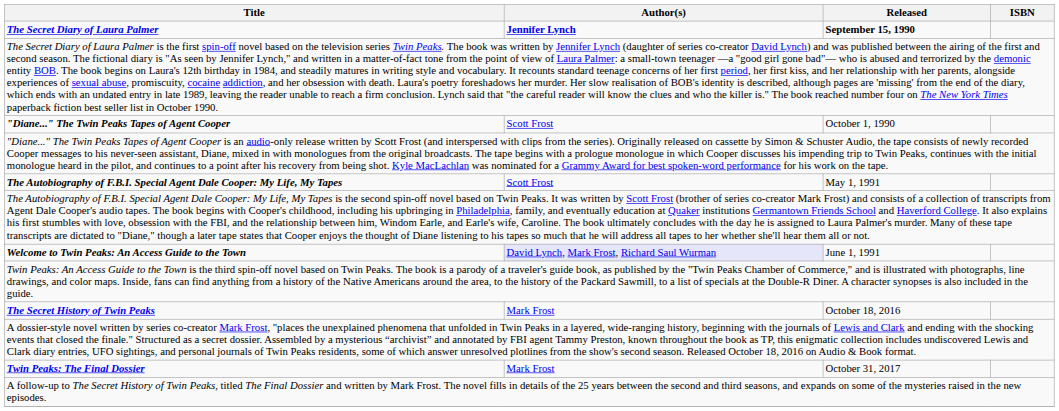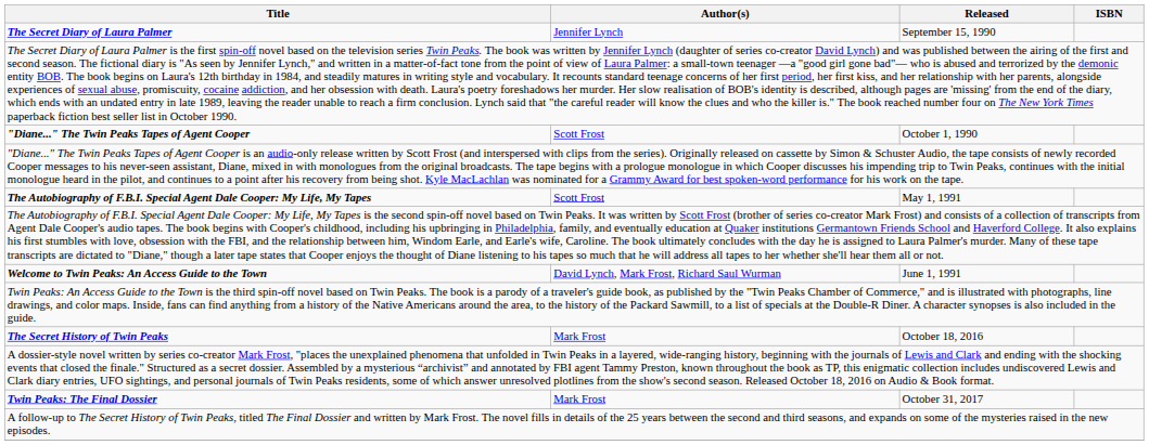 <table class="wikitable"  border="1">
 <tr>
 <th>Title</th>
 <th>Author(s)</th>
 <th>Released</th>
 <th>ISBN</th>
 </tr>
 <tr>
 <td><strong><em><a href='#'>The Secret Diary of Laura Palmer</a></em></strong></td>
-<td><strong><a href='#'>Jennifer Lynch</a></strong></td>
-<td><strong>September 15, 1990</strong></td>
+<td><a href='#'>Jennifer Lynch</a></td>
+<td>September 15, 1990</td>
 <td></td>
 </tr>
 <tr>
 <td colspan="4"><em>The Secret Diary of Laura Palmer</em> is the first <a href='#'>spin-off</a> novel based on the television series <em><a href='#'>Twin Peaks</a>.</em> The book was written by <a href='#'>Jennifer Lynch</a> (daughter of series co-creator <a href='#'>David Lynch</a>) and was published between the airing of the first and second season. The fictional diary is "As seen by Jennifer Lynch," and written in a matter-of-fact tone from the point of view of <a href='#'>Laura Palmer</a>: a small-town teenager —a "good girl gone bad"— who is abused and terrorized by the <a href='#'>demonic</a> entity <a href='#'>BOB</a>. The book begins on Laura's 12th birthday in 1984, and steadily matures in writing style and vocabulary. It recounts standard teenage concerns of her first <a href='#'>period</a>, her first kiss, and her relationship with her parents, alongside experiences of <a href='#'>sexual abuse</a>, promiscuity, <a href='#'>cocaine</a> <a href='#'>addiction</a>, and her obsession with death. Laura's poetry foreshadows her murder. Her slow realisation of BOB's identity is described, although pages are 'missing' from the end of the diary, which ends with an undated entry in late 1989, leaving the reader unable to reach a firm conclusion. Lynch said that "the careful reader will know the clues and who the killer is." The book reached number four on <em><a href='#'>The New York Times</a></em> paperback fiction best seller list in October 1990.</td>
 </tr>
 <tr>
 <td><strong><em>"Diane..." The Twin Peaks Tapes of Agent Cooper</em></strong></td>
 <td><a href='#'>Scott Frost</a></td>
 <td>October 1, 1990</td>
 <td></td>
 </tr>
 <tr>
 <td colspan="4"><em>"Diane..." The Twin Peaks Tapes of Agent Cooper</em> is an <a href='#'>audio</a>-only release written by Scott Frost (and interspersed with clips from the series). Originally released on cassette by Simon & Schuster Audio, the tape consists of newly recorded Cooper messages to his never-seen assistant, Diane, mixed in with monologues from the original broadcasts. The tape begins with a prologue monologue in which Cooper discusses his impending trip to Twin Peaks, continues with the initial monologue heard in the pilot, and continues to a point after his recovery from being shot. <a href='#'>Kyle MacLachlan</a> was nominated for a <a href='#'>Grammy Award for best spoken-word performance</a> for his work on the tape.</td>
 </tr>
 <tr>
 <td><strong><em>The Autobiography of F.B.I. Special Agent Dale Cooper: My Life, My Tapes</em></strong></td>
 <td><a href='#'>Scott Frost</a></td>
 <td>May 1, 1991</td>
 <td></td>
 </tr>
 <tr>
 <td colspan="4"><em>The Autobiography of F.B.I. Special Agent Dale Cooper: My Life, My Tapes</em> is the second spin-off novel based on Twin Peaks. It was written by <a href='#'>Scott Frost</a> (brother of series co-creator Mark Frost) and consists of a collection of transcripts from Agent Dale Cooper's audio tapes. The book begins with Cooper's childhood, including his upbringing in <a href='#'>Philadelphia</a>, family, and eventually education at <a href='#'>Quaker</a> institutions <a href='#'>Germantown Friends School</a> and <a href='#'>Haverford College</a>. It also explains his first stumbles with love, obsession with the FBI, and the relationship between him, Windom Earle, and Earle's wife, Caroline. The book ultimately concludes with the day he is assigned to Laura Palmer's murder. Many of these tape transcripts are dictated to "Diane," though a later tape states that Cooper enjoys the thought of Diane listening to his tapes so much that he will address all tapes to her whether she'll hear them all or not.</td>
 </tr>
 <tr>
 <td><strong><em>Welcome to Twin Peaks: An Access Guide to the Town</em></strong></td>
-<td style="background: lavender;"><a href='#'>David Lynch</a>, <a href='#'>Mark Frost</a>, <a href='#'>Richard Saul Wurman</a></td>
+<td><a href='#'>David Lynch</a>, <a href='#'>Mark Frost</a>, <a href='#'>Richard Saul Wurman</a></td>
 <td>June 1, 1991</td>
 <td></td>
 </tr>
 <tr>
 <td colspan="4"><em>Twin Peaks: An Access Guide to the Town</em> is the third spin-off novel based on Twin Peaks. The book is a parody of a traveler's guide book, as published by the "Twin Peaks Chamber of Commerce," and is illustrated with photographs, line drawings, and color maps. Inside, fans can find anything from a history of the Native Americans around the area, to the history of the Packard Sawmill, to a list of specials at the Double-R Diner. A character synopses is also included in the guide.</td>
 </tr>
 <tr>
 <td><strong><em><a href='#'>The Secret History of Twin Peaks</a></em></strong></td>
 <td><a href='#'>Mark Frost</a></td>
 <td>October 18, 2016</td>
 <td></td>
 </tr>
 <tr>
 <td colspan="4">A dossier-style novel written by series co-creator <a href='#'>Mark Frost</a>, "places the unexplained phenomena that unfolded in Twin Peaks in a layered, wide-ranging history, beginning with the journals of <a href='#'>Lewis and Clark</a> and ending with the shocking events that closed the finale." Structured as a secret dossier. Assembled by a mysterious “archivist” and annotated by FBI agent Tammy Preston, known throughout the book as TP, this enigmatic collection includes undiscovered Lewis and Clark diary entries, UFO sightings, and personal journals of Twin Peaks residents, some of which answer unresolved plotlines from the show's second season.  Released October 18, 2016 on Audio & Book format.</td>
 </tr>
 <tr>
 <td><strong><em><a href='#'>Twin Peaks: The Final Dossier</a></em></strong></td>
 <td><a href='#'>Mark Frost</a></td>
 <td>October 31, 2017</td>
 <td></td>
 </tr>
 <tr>
 <td colspan="4">A follow-up to <em>The Secret History of Twin Peaks</em>, titled <em>The Final Dossier</em> and written by Mark Frost. The novel fills in details of the 25 years between the second and third seasons, and expands on some of the mysteries raised in the new episodes.</td>
 </tr>
 <tr>
 </tr>
 </table>
